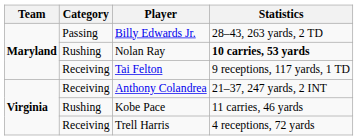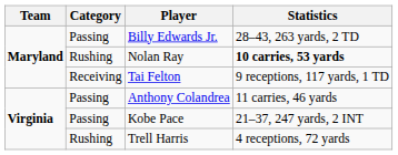 <table class="wikitable" style="float: right;">
 <tr>
 <th>Team</th>
 <th>Category</th>
 <th>Player</th>
 <th>Statistics</th>
 </tr>
 <tr>
 <td rowspan=3><strong>Maryland</strong></td>
 <td>Passing</td>
 <td><a href='#'>Billy Edwards Jr.</a></td>
 <td>28–43, 263 yards, 2 TD</td>
 </tr>
 <tr>
 <td>Rushing</td>
 <td>Nolan Ray</td>
 <td><strong>10 carries, 53 yards</strong></td>
 </tr>
 <tr>
 <td>Receiving</td>
 <td><a href='#'>Tai Felton</a></td>
 <td>9 receptions, 117 yards, 1 TD</td>
 </tr>
 <tr>
 <td rowspan=3><strong>Virginia</strong></td>
-<td>Receiving</td>
+<td>Passing</td>
 <td><a href='#'>Anthony Colandrea</a></td>
+<td>11 carries, 46 yards</td>
+</tr>
+<tr>
+<td>Passing</td>
+<td>Kobe Pace</td>
 <td>21–37, 247 yards, 2 INT</td>
 </tr>
 <tr>
 <td>Rushing</td>
-<td>Kobe Pace</td>
-<td>11 carries, 46 yards</td>
-</tr>
-<tr>
-<td>Receiving</td>
 <td>Trell Harris</td>
 <td>4 receptions, 72 yards</td>
 </tr>
 </table>
